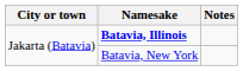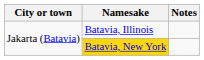 <table class="wikitable">
 <tr>
 <th>City or town</th>
 <th>Namesake</th>
 <th>Notes</th>
 </tr>
 <tr>
 <td rowspan="2">Jakarta (<a href='#'>Batavia</a>)</td>
-<td><strong><a href='#'>Batavia, Illinois</a></strong></td>
+<td><a href='#'>Batavia, Illinois</a></td>
 <td></td>
 </tr>
 <tr>
-<td><a href='#'>Batavia, New York</a></td>
+<td style="background: gold;"><a href='#'>Batavia, New York</a></td>
 <td></td>
 </tr>
 </table>
